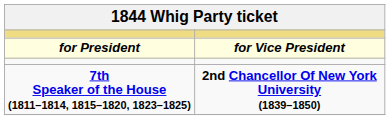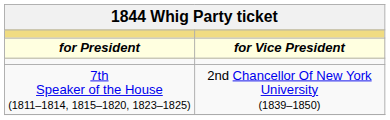 <table class="wikitable" style="font-size:90%; text-align:center;">
 <tr>
 <td style="background:#f1f1f1;" colspan="30"><big><strong>1844 Whig Party ticket</strong></big></td>
 </tr>
 <tr>
 <th style="width:3em; font-size:135%; background:#F0DC82; width:200px;"><a href='#'></a></th>
 <th style="width:3em; font-size:135%; background:#F0DC82; width:200px;"><a href='#'></a></th>
 </tr>
 <tr style="color:#000000; font-size:100%; background:#F0DC82;">
 <td style="width:3em; font-size:100%; color:#000; background:lightyellow; width:200px;"><strong><em>for President</em></strong></td>
 <td style="width:3em; font-size:100%; color:#000; background:lightyellow; width:200px;"><strong><em>for Vice President</em></strong></td>
 </tr>
 <tr>
 <td></td>
 <td></td>
 </tr>
 <tr>
-<td><strong><a href='#'>7th</a><br><a href='#'>Speaker of the House</a><br><small>(1811–1814, 1815–1820, 1823–1825)</small></strong></td>
-<td><strong>2nd <a href='#'>Chancellor Of New York University</a><br><small>(1839–1850)</small></strong></td>
+<td><a href='#'>7th</a><br><a href='#'>Speaker of the House</a><br><small>(1811–1814, 1815–1820, 1823–1825)</small></td>
+<td>2nd <a href='#'>Chancellor Of New York University</a><br><small>(1839–1850)</small></td>
 </tr>
 <tr>
 </tr>
 </table>
